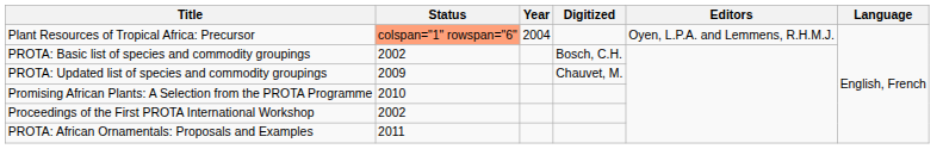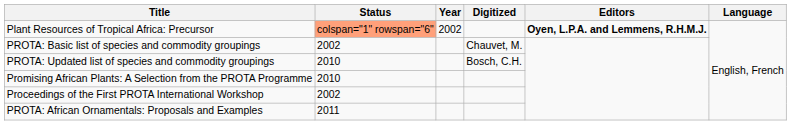 <table class="wikitable">
 <tr>
 <th>Title</th>
 <th>Status</th>
 <th>Year</th>
 <th>Digitized</th>
 <th>Editors</th>
 <th>Language</th>
 </tr>
 <tr>
 <td>Plant Resources of Tropical Africa: Precursor</td>
 <td style="background: lightsalmon;">colspan="1" rowspan="6" </td>
-<td>2004</td>
+<td>2002</td>
 <td></td>
-<td>Oyen, L.P.A. and Lemmens, R.H.M.J.</td>
+<td><strong>Oyen, L.P.A. and Lemmens, R.H.M.J.</strong></td>
 <td colspan="1" rowspan="6">English, French</td>
 </tr>
 <tr>
 <td>PROTA: Basic list of species and commodity groupings</td>
 <td>2002</td>
 <td></td>
-<td>Bosch, C.H.</td>
+<td>Chauvet, M.</td>
 </tr>
 <tr>
 <td>PROTA: Updated list of species and commodity groupings</td>
-<td>2009</td>
+<td>2010</td>
 <td></td>
-<td>Chauvet, M.</td>
+<td>Bosch, C.H.</td>
 </tr>
 <tr>
 <td>Promising African Plants: A Selection from the PROTA Programme</td>
 <td>2010</td>
 <td></td>
 <td></td>
 </tr>
 <tr>
 <td>Proceedings of the First PROTA International Workshop</td>
 <td>2002</td>
 <td></td>
 <td></td>
 </tr>
 <tr>
 <td>PROTA: African Ornamentals: Proposals and Examples</td>
 <td>2011</td>
 <td></td>
 <td></td>
 </tr>
 </table>
